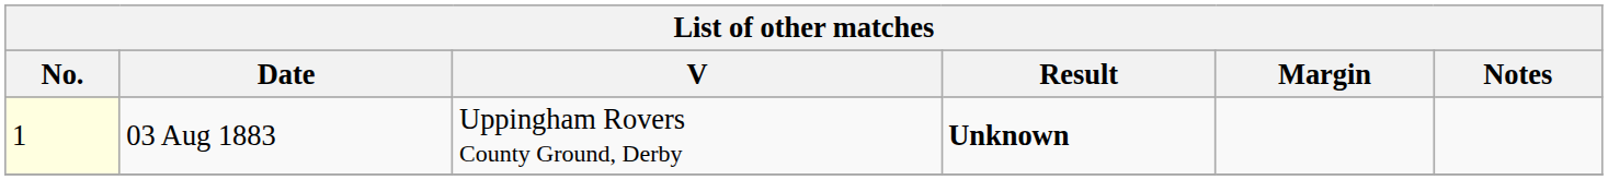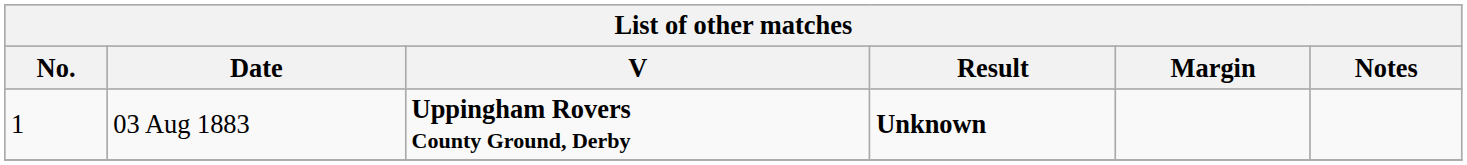 <table class="wikitable" width="100%">
 <tr>
 <th bgcolor="#efefef" colspan=6>List of other matches</th>
 </tr>
 <tr bgcolor="#efefef">
 <th>No.</th>
 <th>Date</th>
 <th>V</th>
 <th>Result</th>
 <th>Margin</th>
 <th>Notes</th>
 </tr>
 <tr>
-<td style="background: lightyellow;">1</td>
+<td>1</td>
 <td>03 Aug 1883</td>
-<td>Uppingham Rovers <br><small> County Ground, Derby </small></td>
+<td><strong>Uppingham Rovers <br><small> County Ground, Derby </small></strong></td>
 <td><strong>Unknown</strong></td>
 <td></td>
 <td></td>
 </tr>
 <tr>
 </tr>
 </table>
